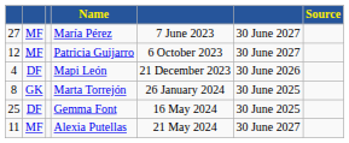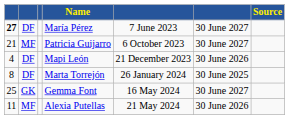 <table class="wikitable">
 <tr>
 <th style="background:#26559B; color:#FFF000; "></th>
 <th style="background:#26559B; color:#FFF000; "></th>
 <th style="background:#26559B; color:#FFF000; "></th>
 <th style="background:#26559B; color:#FFF000; "><strong>Name</strong></th>
 <th style="background:#26559B; color:#FFF000; "></th>
 <th style="background:#26559B; color:#FFF000; "></th>
 <th style="background:#26559B; color:#FFF000; "><strong>Source</strong></th>
 </tr>
 <tr>
-<td style="text-align:center;">27</td>
-<td style="text-align:center;"><a href='#'>MF</a></td>
+<td style="text-align:center;"><strong>27</strong></td>
+<td style="text-align:center;"><a href='#'>DF</a></td>
 <td style="text-align:center;"></td>
 <td><a href='#'>María Pérez</a></td>
 <td style="text-align:center;">7 June 2023</td>
 <td>30 June 2027</td>
 <td style="text-align:center;"></td>
 </tr>
 <tr>
-<td style="text-align:center;">12</td>
+<td style="text-align:center;">21</td>
 <td style="text-align:center;"><a href='#'>MF</a></td>
 <td style="text-align:center;"></td>
 <td><a href='#'>Patricia Guijarro</a></td>
 <td style="text-align:center;">6 October 2023</td>
 <td>30 June 2027</td>
 <td style="text-align:center;"></td>
 </tr>
 <tr>
 <td style="text-align:center;">4</td>
 <td style="text-align:center;"><a href='#'>DF</a></td>
 <td style="text-align:center;"></td>
 <td><a href='#'>Mapi León</a></td>
 <td style="text-align:center;">21 December 2023</td>
 <td>30 June 2026</td>
 <td style="text-align:center;"></td>
 </tr>
 <tr>
 <td style="text-align:center;">8</td>
-<td style="text-align:center;"><a href='#'>GK</a></td>
+<td style="text-align:center;"><a href='#'>DF</a></td>
 <td style="text-align:center;"></td>
 <td><a href='#'>Marta Torrejón</a></td>
 <td style="text-align:center;">26 January 2024</td>
 <td>30 June 2025</td>
 <td style="text-align:center;"></td>
 </tr>
 <tr>
 <td style="text-align:center;">25</td>
-<td style="text-align:center;"><a href='#'>DF</a></td>
+<td style="text-align:center;"><a href='#'>GK</a></td>
 <td style="text-align:center;"></td>
 <td><a href='#'>Gemma Font</a></td>
 <td style="text-align:center;">16 May 2024</td>
-<td>30 June 2025</td>
+<td>30 June 2027</td>
 <td style="text-align:center;"></td>
 </tr>
 <tr>
 <td style="text-align:center;">11</td>
 <td style="text-align:center;"><a href='#'>MF</a></td>
 <td style="text-align:center;"></td>
 <td><a href='#'>Alexia Putellas</a></td>
 <td style="text-align:center;">21 May 2024</td>
-<td>30 June 2027</td>
+<td>30 June 2026</td>
 <td style="text-align:center;"></td>
 </tr>
 </table>
